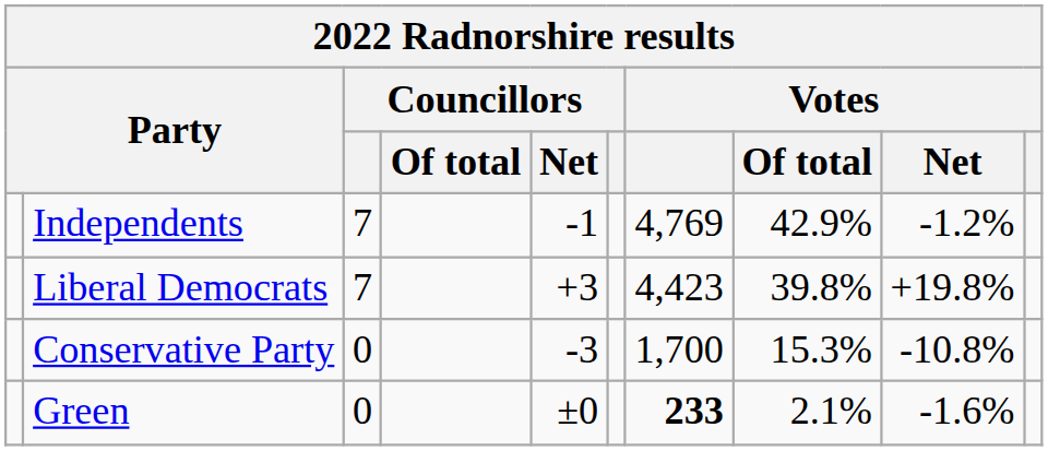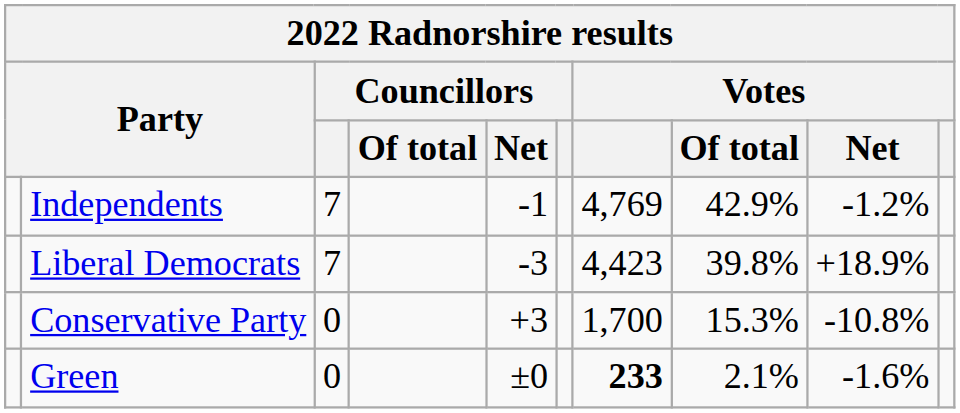 <table class="wikitable sortable" style="text-align:center;">
 <tr>
 <th colspan="10">2022 Radnorshire results </th>
 </tr>
 <tr>
 <th colspan="2" rowspan="2">Party</th>
 <th colspan="4">Councillors</th>
 <th colspan="4">Votes</th>
 </tr>
 <tr>
 <th></th>
 <th>Of total</th>
 <th>Net</th>
 <th class="unsortable"></th>
 <th></th>
 <th>Of total</th>
 <th>Net</th>
 <th class="unsortable"></th>
 </tr>
 <tr>
 <td style="background:"></td>
 <td style="text-align:left;"><a href='#'>Independents</a></td>
 <td style="text-align:right;">7</td>
 <td style="text-align:right;"></td>
 <td style="text-align:right;">-1</td>
 <td data-sort-value=""></td>
 <td style="text-align:right;">4,769</td>
 <td style="text-align:right;">42.9%</td>
 <td style="text-align:right;">-1.2%</td>
 <td></td>
 </tr>
 <tr>
 <td style="background:"></td>
 <td style="text-align:left;"><a href='#'>Liberal Democrats</a></td>
 <td style="text-align:right;">7</td>
 <td style="text-align:right;"></td>
-<td style="text-align:right;">+3</td>
+<td style="text-align:right;">-3</td>
 <td data-sort-value=""></td>
 <td style="text-align:right;">4,423</td>
 <td style="text-align:right;">39.8%</td>
-<td style="text-align:right;">+19.8%</td>
+<td style="text-align:right;">+18.9%</td>
 <td></td>
 </tr>
 <tr>
 <td style="background:"></td>
 <td style="text-align:left;"><a href='#'>Conservative Party</a></td>
 <td style="text-align:right;">0</td>
 <td style="text-align:right;"></td>
-<td style="text-align:right;">-3</td>
+<td style="text-align:right;">+3</td>
 <td data-sort-value=""></td>
 <td style="text-align:right;">1,700</td>
 <td style="text-align:right;">15.3%</td>
 <td style="text-align:right;">-10.8%</td>
 <td></td>
 </tr>
 <tr>
 <td style="background:"></td>
 <td style="text-align:left;"><a href='#'>Green</a></td>
 <td style="text-align:right;">0</td>
 <td style="text-align:right;"></td>
 <td style="text-align:right;">±0</td>
 <td data-sort-value=""></td>
 <td style="text-align:right;"><strong>233</strong></td>
 <td style="text-align:right;">2.1%</td>
 <td style="text-align:right;">-1.6%</td>
 <td></td>
 </tr>
 </table>
